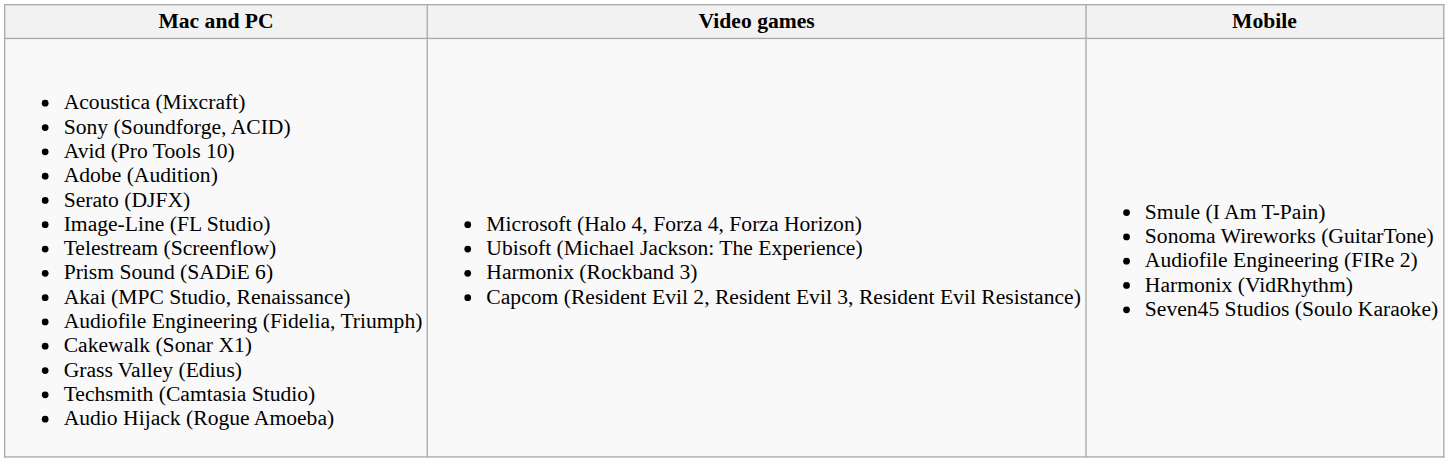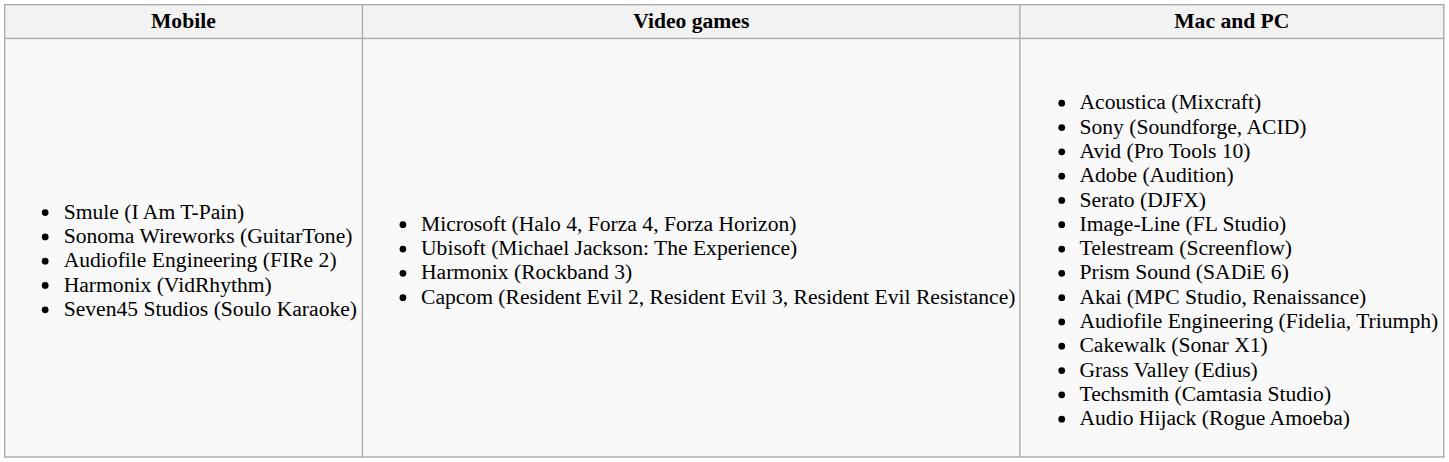 <table class="wikitable">
 <tr>
+<th>Mobile</th>
+<th>Video games</th>
 <th>Mac and PC</th>
-<th>Video games</th>
-<th>Mobile</th>
 </tr>
 <tr>
+<td><br><ul><li>Smule (I Am T-Pain)</li><li>Sonoma Wireworks (GuitarTone)</li><li>Audiofile Engineering (FIRe 2)</li><li>Harmonix (VidRhythm)</li><li>Seven45 Studios (Soulo Karaoke)</li></ul></td>
+<td><br><ul><li>Microsoft (Halo 4, Forza 4, Forza Horizon)</li><li>Ubisoft (Michael Jackson: The Experience)</li><li>Harmonix (Rockband 3)</li><li>Capcom (Resident Evil 2, Resident Evil 3, Resident Evil Resistance)</li></ul></td>
 <td><br><ul><li>Acoustica (Mixcraft)</li><li>Sony (Soundforge, ACID)</li><li>Avid (Pro Tools 10)</li><li>Adobe (Audition)</li><li>Serato (DJFX)</li><li>Image-Line (FL Studio)</li><li>Telestream (Screenflow)</li><li>Prism Sound (SADiE 6)</li><li>Akai (MPC Studio, Renaissance)</li><li>Audiofile Engineering (Fidelia, Triumph)</li><li>Cakewalk (Sonar X1)</li><li>Grass Valley (Edius)</li><li>Techsmith (Camtasia Studio)</li><li>Audio Hijack (Rogue Amoeba)</li></ul></td>
-<td><br><ul><li>Microsoft (Halo 4, Forza 4, Forza Horizon)</li><li>Ubisoft (Michael Jackson: The Experience)</li><li>Harmonix (Rockband 3)</li><li>Capcom (Resident Evil 2, Resident Evil 3, Resident Evil Resistance)</li></ul></td>
-<td><br><ul><li>Smule (I Am T-Pain)</li><li>Sonoma Wireworks (GuitarTone)</li><li>Audiofile Engineering (FIRe 2)</li><li>Harmonix (VidRhythm)</li><li>Seven45 Studios (Soulo Karaoke)</li></ul></td>
 </tr>
 </table>
